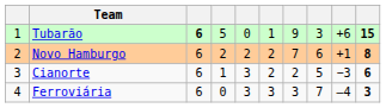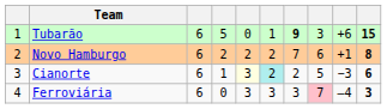 <table class="wikitable" style="text-align: center;">
 <tr>
 <th width=20></th>
 <th width=165>Team</th>
 <th width=20></th>
 <th width=20></th>
 <th width=20></th>
 <th width=20></th>
 <th width=20></th>
 <th width=20></th>
 <th width=20></th>
 <th width=20></th>
 </tr>
 <tr bgcolor=#ccffcc>
 <td>1</td>
 <td align=left> <a href='#'>Tubarão</a></td>
-<td><strong>6</strong></td>
+<td>6</td>
 <td>5</td>
 <td>0</td>
 <td>1</td>
-<td>9</td>
+<td><strong>9</strong></td>
 <td>3</td>
 <td>+6</td>
 <td><strong>15</strong></td>
 </tr>
 <tr bgcolor=#ffcc99>
 <td>2</td>
 <td align=left> <a href='#'>Novo Hamburgo</a></td>
 <td>6</td>
 <td>2</td>
 <td>2</td>
 <td>2</td>
 <td>7</td>
 <td>6</td>
 <td>+1</td>
 <td><strong>8</strong></td>
 </tr>
 <tr>
 <td>3</td>
 <td align=left> <a href='#'>Cianorte</a></td>
 <td>6</td>
 <td>1</td>
-<td>3</td>
-<td>2</td>
+<td style="background: lightyellow;">3</td>
+<td style="background: paleturquoise;">2</td>
 <td>2</td>
 <td>5</td>
 <td>−3</td>
 <td><strong>6</strong></td>
 </tr>
 <tr>
 <td>4</td>
 <td align=left> <a href='#'>Ferroviária</a></td>
 <td>6</td>
 <td>0</td>
 <td>3</td>
 <td>3</td>
 <td>3</td>
-<td>7</td>
+<td style="background: pink;">7</td>
 <td>–4</td>
 <td><strong>3</strong></td>
 </tr>
 </table>
